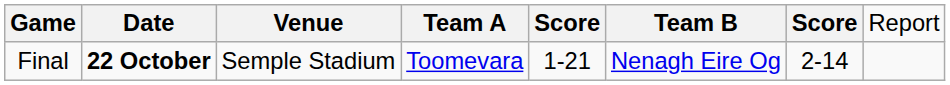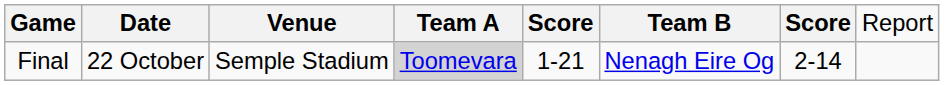 <table class="wikitable">
 <tr>
 <th>Game</th>
 <th>Date</th>
 <th>Venue</th>
 <th>Team A</th>
 <th>Score</th>
 <th>Team B</th>
 <th>Score</th>
 <td>Report </td>
 </tr>
 <tr align="center">
 <td>Final</td>
-<td><strong>22 October</strong></td>
+<td>22 October</td>
 <td>Semple Stadium</td>
-<td><a href='#'>Toomevara</a></td>
+<td style="background: lightgrey;"><a href='#'>Toomevara</a></td>
 <td>1-21</td>
 <td><a href='#'>Nenagh Eire Og</a></td>
 <td>2-14</td>
 </tr>
 </table>
